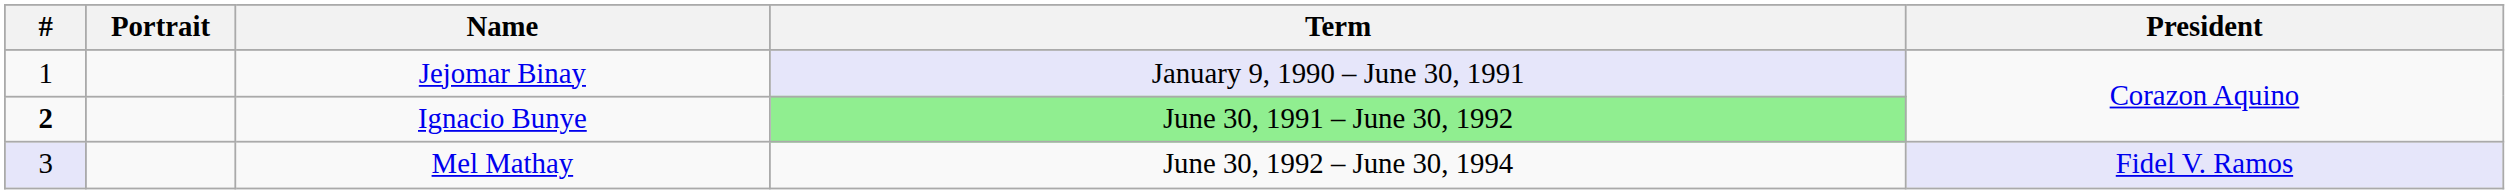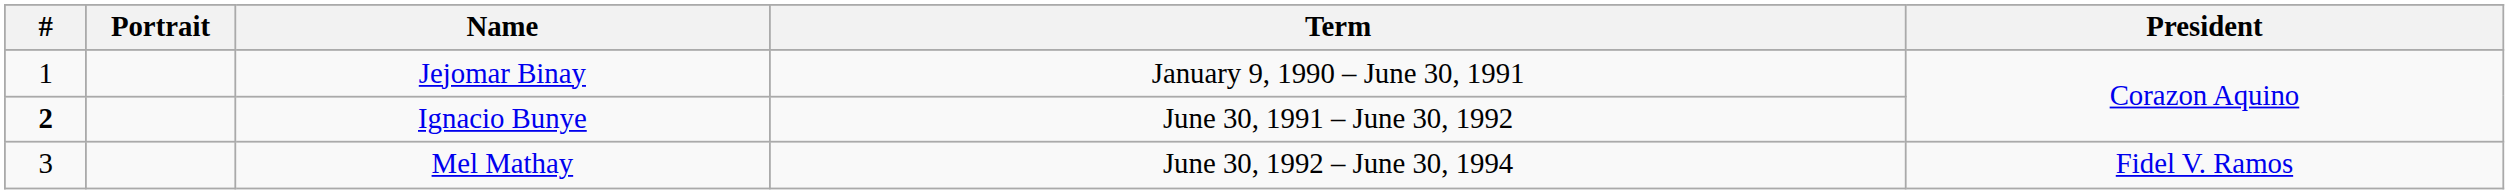 <table class="wikitable" style="width:70%; text-align:center">
 <tr>
 <th>#</th>
 <th>Portrait</th>
 <th>Name</th>
 <th>Term</th>
 <th>President</th>
 </tr>
 <tr>
 <td>1</td>
 <td width=75px align=center></td>
 <td><a href='#'>Jejomar Binay</a></td>
-<td style="background: lavender;">January 9, 1990 – June 30, 1991<br></td>
+<td>January 9, 1990 – June 30, 1991<br></td>
 <td rowspan="2"><a href='#'>Corazon Aquino</a></td>
 </tr>
 <tr>
 <td><strong>2</strong></td>
 <td width=75px align=center></td>
 <td><a href='#'>Ignacio Bunye</a></td>
-<td style="background: lightgreen;">June 30, 1991 – June 30, 1992<br></td>
+<td>June 30, 1991 – June 30, 1992<br></td>
 </tr>
 <tr>
-<td style="background: lavender;">3</td>
+<td>3</td>
 <td width=75px align=center></td>
 <td><a href='#'>Mel Mathay</a></td>
 <td>June 30, 1992 – June 30, 1994<br></td>
-<td style="background: lavender;"><a href='#'>Fidel V. Ramos</a></td>
+<td><a href='#'>Fidel V. Ramos</a></td>
 </tr>
 </table>
